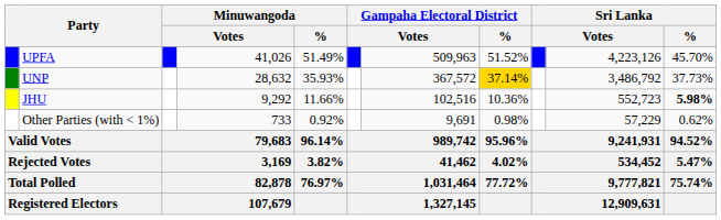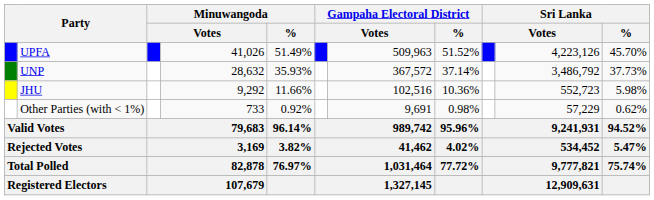 <table class="wikitable">
 <tr>
 <th colspan="2" width="144px"rowspan="2">Party</th>
 <th colspan="3" width="216px">Minuwangoda</th>
 <th colspan="3" width="216px"><a href='#'>Gampaha Electoral District</a></th>
 <th colspan="3" width="216px">Sri Lanka</th>
 </tr>
 <tr>
 <th colspan="2" width="144px">Votes</th>
 <th>%</th>
 <th colspan="2" width="144px">Votes</th>
 <th>%</th>
 <th colspan="2" width="144px">Votes</th>
 <th>%</th>
 </tr>
 <tr>
 <td style="background-color:blue;" width="10px"></td>
 <td style="text-align:left;"><a href='#'>UPFA</a></td>
 <td style="background-color:blue;" width="10px"></td>
 <td style="text-align:right;">41,026</td>
 <td style="text-align:right;">51.49%</td>
 <td style="background-color:blue;" width="10px"></td>
 <td style="text-align:right;">509,963</td>
 <td style="text-align:right;">51.52%</td>
 <td style="background-color:blue;" width="10px"></td>
 <td style="text-align:right;">4,223,126</td>
 <td style="text-align:right;">45.70%</td>
 </tr>
 <tr>
 <td style="background-color:green;" width="10px"></td>
 <td style="text-align:left;"><a href='#'>UNP</a></td>
 <td style="background-color:white;" width="10px"></td>
 <td style="text-align:right;">28,632</td>
 <td style="text-align:right;">35.93%</td>
 <td style="background-color:white;" width="10px"></td>
 <td style="text-align:right;">367,572</td>
-<td style="background: gold; text-align:right;">37.14%</td>
+<td style="text-align:right;">37.14%</td>
 <td style="background-color:white;" width="10px"></td>
 <td style="text-align:right;">3,486,792</td>
 <td style="text-align:right;">37.73%</td>
 </tr>
 <tr>
 <td style="background-color:yellow;" width="10px"></td>
 <td style="text-align:left;"><a href='#'>JHU</a></td>
 <td style="background-color:white;" width="10px"></td>
 <td style="text-align:right;">9,292</td>
 <td style="text-align:right;">11.66%</td>
 <td style="background-color:white;" width="10px"></td>
 <td style="text-align:right;">102,516</td>
 <td style="text-align:right;">10.36%</td>
 <td style="background-color:white;" width="10px"></td>
 <td style="text-align:right;">552,723</td>
-<td style="text-align:right;"><strong>5.98%</strong></td>
+<td style="text-align:right;">5.98%</td>
 </tr>
 <tr>
 <td style="background-color:white;" width="10px"></td>
 <td style="text-align:left;">Other Parties (with < 1%)</td>
 <td style="background-color:white;" width="10px"></td>
 <td style="text-align:right;">733</td>
 <td style="text-align:right;">0.92%</td>
 <td style="background-color:white;" width="10px"></td>
 <td style="text-align:right;">9,691</td>
 <td style="text-align:right;">0.98%</td>
 <td style="background-color:white;" width="10px"></td>
 <td style="text-align:right;">57,229</td>
 <td style="text-align:right;">0.62%</td>
 </tr>
 <tr>
 <th colspan="2" width="144px"style="text-align:left;">Valid Votes</th>
 <th style="text-align:right;"colspan="2" width="144px">79,683</th>
 <th style="text-align:right;">96.14%</th>
 <th style="text-align:right;"colspan="2" width="144px">989,742</th>
 <th style="text-align:right;">95.96%</th>
 <th style="text-align:right;"colspan="2" width="144px">9,241,931</th>
 <th style="text-align:right;">94.52%</th>
 </tr>
 <tr>
 <th colspan="2" width="144px"style="text-align:left;">Rejected Votes</th>
 <th style="text-align:right;"colspan="2" width="144px">3,169</th>
 <th style="text-align:right;">3.82%</th>
 <th style="text-align:right;"colspan="2" width="144px">41,462</th>
 <th style="text-align:right;">4.02%</th>
 <th style="text-align:right;"colspan="2" width="144px">534,452</th>
 <th style="text-align:right;">5.47%</th>
 </tr>
 <tr>
 <th colspan="2" width="144px"style="text-align:left;">Total Polled</th>
 <th style="text-align:right;"colspan="2" width="144px">82,878</th>
 <th style="text-align:right;">76.97%</th>
 <th style="text-align:right;"colspan="2" width="144px">1,031,464</th>
 <th style="text-align:right;">77.72%</th>
 <th style="text-align:right;"colspan="2" width="144px">9,777,821</th>
 <th style="text-align:right;">75.74%</th>
 </tr>
 <tr>
 <th colspan="2" width="144px"style="text-align:left;">Registered Electors</th>
 <th style="text-align:right;"colspan="2" width="144px">107,679</th>
 <th></th>
 <th style="text-align:right;"colspan="2" width="144px">1,327,145</th>
 <th></th>
 <th style="text-align:right;"colspan="2" width="144px">12,909,631</th>
 <th></th>
 </tr>
 </table>
